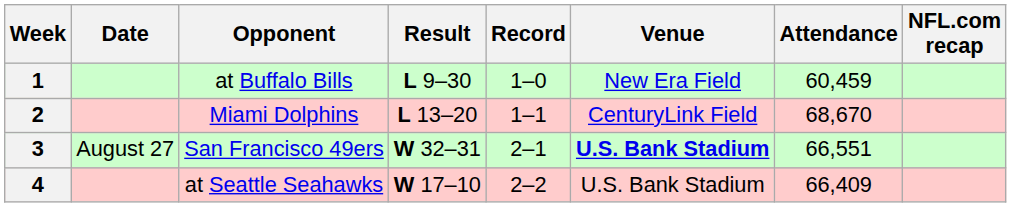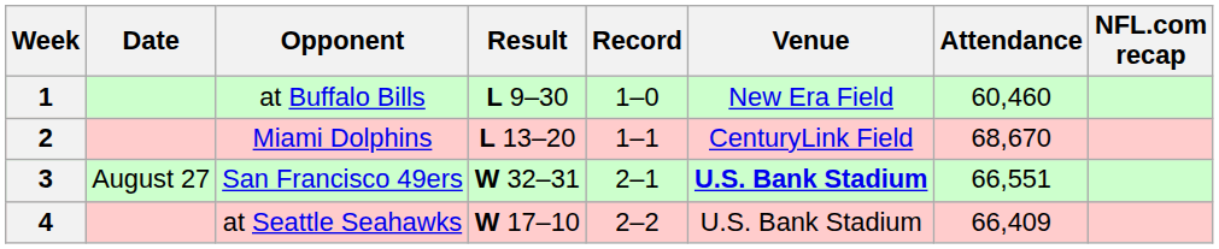 <table class="wikitable" style="text-align:center">
 <tr>
 <th>Week</th>
 <th>Date</th>
 <th>Opponent</th>
 <th>Result</th>
 <th>Record</th>
 <th>Venue</th>
 <th>Attendance</th>
 <th>NFL.com<br>recap</th>
 </tr>
 <tr style="background:#cfc">
 <th>1</th>
 <td></td>
 <td>at <a href='#'>Buffalo Bills</a></td>
 <td><strong>L</strong> 9–30</td>
 <td>1–0</td>
 <td><a href='#'>New Era Field</a></td>
-<td>60,459</td>
+<td>60,460</td>
 <td></td>
 </tr>
 <tr style="background:#fcc">
 <th>2</th>
 <td></td>
 <td><a href='#'>Miami Dolphins</a></td>
 <td><strong>L</strong> 13–20</td>
 <td>1–1</td>
 <td><a href='#'>CenturyLink Field</a></td>
 <td>68,670</td>
 <td></td>
 </tr>
 <tr style="background:#cfc">
 <th>3</th>
 <td>August 27</td>
 <td><a href='#'>San Francisco 49ers</a></td>
 <td><strong>W</strong> 32–31</td>
 <td>2–1</td>
 <td><strong><a href='#'>U.S. Bank Stadium</a></strong></td>
 <td>66,551</td>
 <td></td>
 </tr>
 <tr style="background:#fcc">
 <th>4</th>
 <td></td>
 <td>at <a href='#'>Seattle Seahawks</a></td>
 <td><strong>W</strong> 17–10</td>
 <td>2–2</td>
 <td>U.S. Bank Stadium</td>
 <td>66,409</td>
 <td></td>
 </tr>
 </table>
